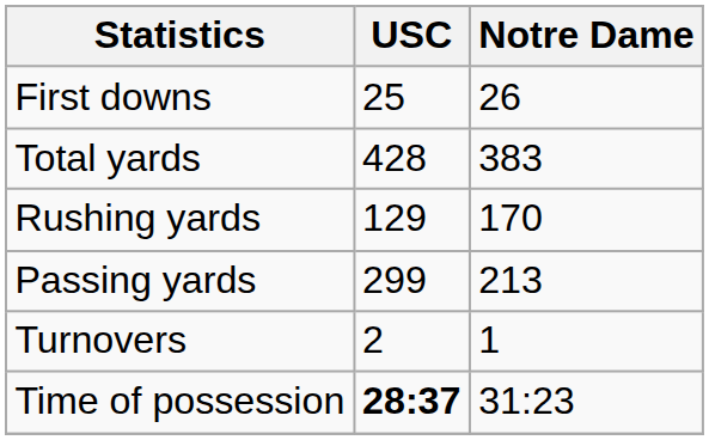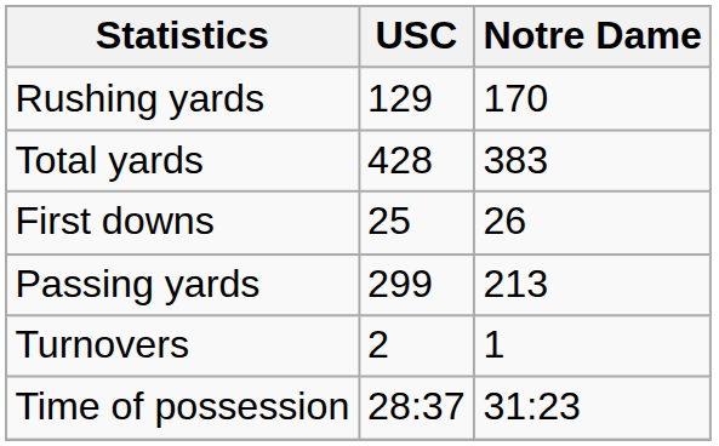 <table class="wikitable">
 <tr>
 <th>Statistics</th>
 <th>USC</th>
 <th>Notre Dame</th>
 </tr>
 <tr>
-<td>First downs</td>
-<td>25</td>
-<td>26</td>
+<td>Rushing yards</td>
+<td>129</td>
+<td>170</td>
 </tr>
 <tr>
 <td>Total yards</td>
 <td>428</td>
 <td>383</td>
 </tr>
 <tr>
-<td>Rushing yards</td>
-<td>129</td>
-<td>170</td>
+<td>First downs</td>
+<td>25</td>
+<td>26</td>
 </tr>
 <tr>
 <td>Passing yards</td>
 <td>299</td>
 <td>213</td>
 </tr>
 <tr>
 <td>Turnovers</td>
 <td>2</td>
 <td>1</td>
 </tr>
 <tr>
 <td>Time of possession</td>
-<td><strong>28:37</strong></td>
+<td>28:37</td>
 <td>31:23</td>
 </tr>
 <tr>
 </tr>
 </table>
